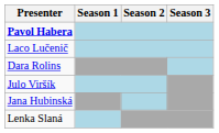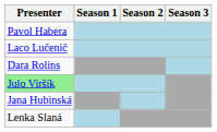 <table class="wikitable">
 <tr>
 <th>Presenter</th>
 <th>Season 1</th>
 <th>Season 2</th>
 <th>Season 3</th>
 </tr>
 <tr>
-<td><strong><a href='#'>Pavol Habera</a></strong></td>
+<td><a href='#'>Pavol Habera</a></td>
 <td colspan="3" style="text-align:center; background:lightblue;"></td>
 </tr>
 <tr>
 <td><a href='#'>Laco Lučenič</a></td>
 <td colspan="3" style="text-align:center; background:lightblue;"></td>
 </tr>
 <tr>
 <td><a href='#'>Dara Rolins</a></td>
 <td bgcolor="darkgray" colspan="2"></td>
 <td colspan="3" style="text-align:center; background:lightblue;"></td>
 </tr>
 <tr>
-<td><a href='#'>Julo Viršík</a></td>
+<td style="background: lightgreen;"><a href='#'>Julo Viršík</a></td>
 <td colspan="2" style="text-align:center; background:lightblue;"></td>
 <td bgcolor="darkgray" colspan="1"></td>
 </tr>
 <tr>
 <td><a href='#'>Jana Hubinská</a></td>
 <td bgcolor="darkgray" colspan="1"></td>
 <td colspan="1" style="text-align:center; background:lightblue;"></td>
 <td bgcolor="darkgray" colspan="1"></td>
 </tr>
 <tr>
 <td>Lenka Slaná</td>
 <td colspan="1" style="text-align:center; background:lightblue;"></td>
 <td bgcolor="darkgray" colspan="2"></td>
 </tr>
 </table>
